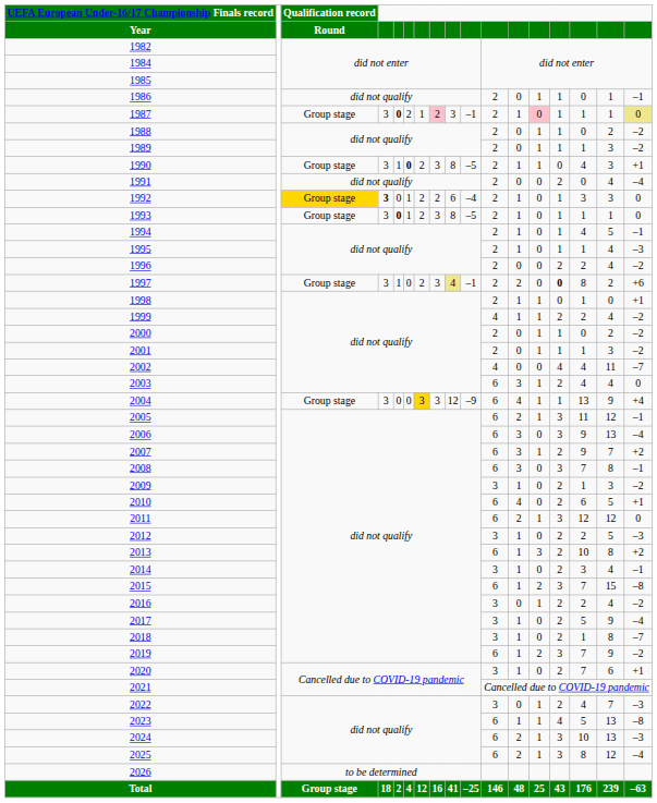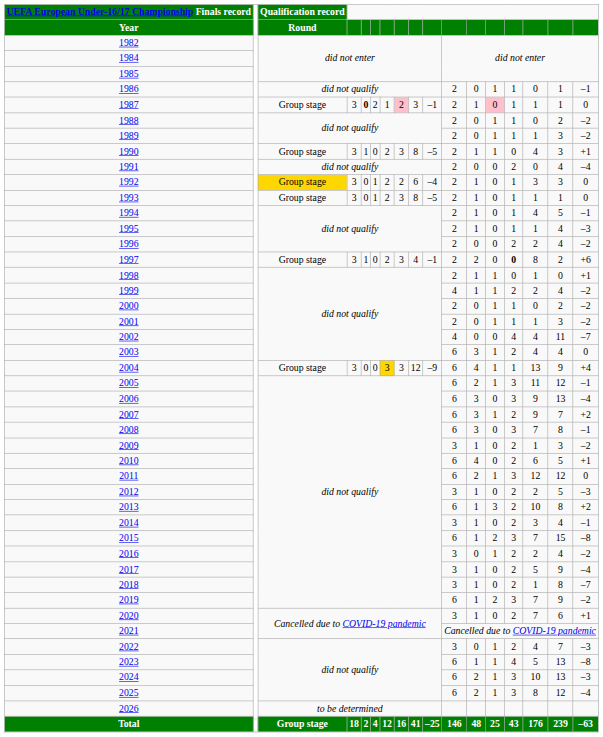 <table class="wikitable" style="text-align: center;">
 <tr>
 <th style="background-color:#008000; color:white; "><a href='#'>UEFA European Under-16/17 Championship</a> Finals record</th>
 <th style="background-color:white" rowspan="47"></th>
 <th style="background-color:#008000; color:white; ">Qualification record</th>
 </tr>
 <tr>
 <th style="background-color:#008000; color:white; ">Year</th>
 <th style="background-color:#008000; color:white; ">Round</th>
 <th style="background-color:#008000; color:white; "></th>
 <th style="background-color:#008000; color:white; "></th>
 <th style="background-color:#008000; color:white; "></th>
 <th style="background-color:#008000; color:white; "></th>
 <th style="background-color:#008000; color:white; "></th>
 <th style="background-color:#008000; color:white; "></th>
 <th style="background-color:#008000; color:white; "></th>
 <th style="background-color:#008000; color:white; "></th>
 <th style="background-color:#008000; color:white; "></th>
 <th style="background-color:#008000; color:white; "></th>
 <th style="background-color:#008000; color:white; "></th>
 <th style="background-color:#008000; color:white; "></th>
 <th style="background-color:#008000; color:white; "></th>
 <th style="background-color:#008000; color:white; "></th>
 </tr>
 <tr>
 <td> <a href='#'>1982</a></td>
 <td rowspan=3 colspan=8><em>did not enter</em></td>
 <td rowspan=3 colspan=7><em>did not enter</em></td>
 </tr>
 <tr>
 <td> <a href='#'>1984</a></td>
 </tr>
 <tr>
 <td> <a href='#'>1985</a></td>
 </tr>
 <tr>
 <td> <a href='#'>1986</a></td>
 <td colspan=8><em>did not qualify</em></td>
 <td>2</td>
 <td>0</td>
 <td>1</td>
 <td>1</td>
 <td>0</td>
 <td>1</td>
 <td>–1</td>
 </tr>
 <tr>
 <td> <a href='#'>1987</a></td>
 <td>Group stage</td>
 <td>3</td>
 <td><strong>0</strong></td>
 <td>2</td>
 <td>1</td>
 <td style="background: pink;">2</td>
 <td>3</td>
 <td>–1</td>
 <td>2</td>
 <td>1</td>
 <td style="background: pink;">0</td>
 <td>1</td>
 <td>1</td>
 <td>1</td>
-<td style="background: khaki;">0</td>
+<td>0</td>
 </tr>
 <tr>
 <td> <a href='#'>1988</a></td>
 <td rowspan=2 colspan=8><em>did not qualify</em></td>
 <td>2</td>
 <td>0</td>
 <td>1</td>
 <td>1</td>
 <td>0</td>
 <td>2</td>
 <td>–2</td>
 </tr>
 <tr>
 <td> <a href='#'>1989</a></td>
 <td>2</td>
 <td>0</td>
 <td>1</td>
 <td>1</td>
 <td>1</td>
 <td>3</td>
 <td>–2</td>
 </tr>
 <tr>
 <td> <a href='#'>1990</a></td>
 <td>Group stage</td>
 <td>3</td>
 <td>1</td>
-<td><strong>0</strong></td>
+<td>0</td>
 <td>2</td>
 <td>3</td>
 <td>8</td>
 <td>–5</td>
 <td>2</td>
 <td>1</td>
 <td>1</td>
 <td>0</td>
 <td>4</td>
 <td>3</td>
 <td>+1</td>
 </tr>
 <tr>
 <td> <a href='#'>1991</a></td>
 <td colspan=8><em>did not qualify</em></td>
 <td>2</td>
 <td>0</td>
 <td>0</td>
 <td>2</td>
 <td>0</td>
 <td>4</td>
 <td>–4</td>
 </tr>
 <tr>
 <td> <a href='#'>1992</a></td>
 <td style="background: gold;">Group stage</td>
-<td><strong>3</strong></td>
+<td>3</td>
 <td>0</td>
 <td>1</td>
 <td>2</td>
 <td>2</td>
 <td>6</td>
 <td>–4</td>
 <td>2</td>
 <td>1</td>
 <td>0</td>
 <td>1</td>
 <td>3</td>
 <td>3</td>
 <td>0</td>
 </tr>
 <tr>
 <td> <a href='#'>1993</a></td>
 <td>Group stage</td>
 <td>3</td>
-<td><strong>0</strong></td>
+<td>0</td>
 <td>1</td>
 <td>2</td>
 <td>3</td>
 <td>8</td>
 <td>–5</td>
 <td>2</td>
 <td>1</td>
 <td>0</td>
 <td>1</td>
 <td>1</td>
 <td>1</td>
 <td>0</td>
 </tr>
 <tr>
 <td> <a href='#'>1994</a></td>
 <td rowspan=3 colspan=8><em>did not qualify</em></td>
 <td>2</td>
 <td>1</td>
 <td>0</td>
 <td>1</td>
 <td>4</td>
 <td>5</td>
 <td>–1</td>
 </tr>
 <tr>
 <td> <a href='#'>1995</a></td>
 <td>2</td>
 <td>1</td>
 <td>0</td>
 <td>1</td>
 <td>1</td>
 <td>4</td>
 <td>–3</td>
 </tr>
 <tr>
 <td> <a href='#'>1996</a></td>
 <td>2</td>
 <td>0</td>
 <td>0</td>
 <td>2</td>
 <td>2</td>
 <td>4</td>
 <td>–2</td>
 </tr>
 <tr>
 <td> <a href='#'>1997</a></td>
 <td>Group stage</td>
 <td>3</td>
 <td>1</td>
 <td>0</td>
 <td>2</td>
 <td>3</td>
-<td style="background: khaki;">4</td>
+<td>4</td>
 <td>–1</td>
 <td>2</td>
 <td>2</td>
 <td>0</td>
 <td><strong>0</strong></td>
 <td>8</td>
 <td>2</td>
 <td>+6</td>
 </tr>
 <tr>
 <td> <a href='#'>1998</a></td>
 <td rowspan=6 colspan=8><em>did not qualify</em></td>
 <td>2</td>
 <td>1</td>
 <td>1</td>
 <td>0</td>
 <td>1</td>
 <td>0</td>
 <td>+1</td>
 </tr>
 <tr>
 <td> <a href='#'>1999</a></td>
 <td>4</td>
 <td>1</td>
 <td>1</td>
 <td>2</td>
 <td>2</td>
 <td>4</td>
 <td>–2</td>
 </tr>
 <tr>
 <td> <a href='#'>2000</a></td>
 <td>2</td>
 <td>0</td>
 <td>1</td>
 <td>1</td>
 <td>0</td>
 <td>2</td>
 <td>–2</td>
 </tr>
 <tr>
 <td> <a href='#'>2001</a></td>
 <td>2</td>
 <td>0</td>
 <td>1</td>
 <td>1</td>
 <td>1</td>
 <td>3</td>
 <td>–2</td>
 </tr>
 <tr>
 <td> <a href='#'>2002</a></td>
 <td>4</td>
 <td>0</td>
 <td>0</td>
 <td>4</td>
 <td>4</td>
 <td>11</td>
 <td>–7</td>
 </tr>
 <tr>
 <td> <a href='#'>2003</a></td>
 <td>6</td>
 <td>3</td>
 <td>1</td>
 <td>2</td>
 <td>4</td>
 <td>4</td>
 <td>0</td>
 </tr>
 <tr>
 <td> <a href='#'>2004</a></td>
 <td>Group stage</td>
 <td>3</td>
 <td>0</td>
 <td>0</td>
 <td style="background: gold;">3</td>
 <td>3</td>
 <td>12</td>
 <td>–9</td>
 <td>6</td>
 <td>4</td>
 <td>1</td>
 <td>1</td>
 <td>13</td>
 <td>9</td>
 <td>+4</td>
 </tr>
 <tr>
 <td> <a href='#'>2005</a></td>
 <td rowspan=15 colspan=8><em>did not qualify</em></td>
 <td>6</td>
 <td>2</td>
 <td>1</td>
 <td>3</td>
 <td>11</td>
 <td>12</td>
 <td>–1</td>
 </tr>
 <tr>
 <td> <a href='#'>2006</a></td>
 <td>6</td>
 <td>3</td>
 <td>0</td>
 <td>3</td>
 <td>9</td>
 <td>13</td>
 <td>–4</td>
 </tr>
 <tr>
 <td> <a href='#'>2007</a></td>
 <td>6</td>
 <td>3</td>
 <td>1</td>
 <td>2</td>
 <td>9</td>
 <td>7</td>
 <td>+2</td>
 </tr>
 <tr>
 <td> <a href='#'>2008</a></td>
 <td>6</td>
 <td>3</td>
 <td>0</td>
 <td>3</td>
 <td>7</td>
 <td>8</td>
 <td>–1</td>
 </tr>
 <tr>
 <td> <a href='#'>2009</a></td>
 <td>3</td>
 <td>1</td>
 <td>0</td>
 <td>2</td>
 <td>1</td>
 <td>3</td>
 <td>–2</td>
 </tr>
 <tr>
 <td> <a href='#'>2010</a></td>
 <td>6</td>
 <td>4</td>
 <td>0</td>
 <td>2</td>
 <td>6</td>
 <td>5</td>
 <td>+1</td>
 </tr>
 <tr>
 <td> <a href='#'>2011</a></td>
 <td>6</td>
 <td>2</td>
 <td>1</td>
 <td>3</td>
 <td>12</td>
 <td>12</td>
 <td>0</td>
 </tr>
 <tr>
 <td> <a href='#'>2012</a></td>
 <td>3</td>
 <td>1</td>
 <td>0</td>
 <td>2</td>
 <td>2</td>
 <td>5</td>
 <td>–3</td>
 </tr>
 <tr>
 <td> <a href='#'>2013</a></td>
 <td>6</td>
 <td>1</td>
 <td>3</td>
 <td>2</td>
 <td>10</td>
 <td>8</td>
 <td>+2</td>
 </tr>
 <tr>
 <td> <a href='#'>2014</a></td>
 <td>3</td>
 <td>1</td>
 <td>0</td>
 <td>2</td>
 <td>3</td>
 <td>4</td>
 <td>–1</td>
 </tr>
 <tr>
 <td> <a href='#'>2015</a></td>
 <td>6</td>
 <td>1</td>
 <td>2</td>
 <td>3</td>
 <td>7</td>
 <td>15</td>
 <td>–8</td>
 </tr>
 <tr>
 <td> <a href='#'>2016</a></td>
 <td>3</td>
 <td>0</td>
 <td>1</td>
 <td>2</td>
 <td>2</td>
 <td>4</td>
 <td>–2</td>
 </tr>
 <tr>
 <td> <a href='#'>2017</a></td>
 <td>3</td>
 <td>1</td>
 <td>0</td>
 <td>2</td>
 <td>5</td>
 <td>9</td>
 <td>–4</td>
 </tr>
 <tr>
 <td> <a href='#'>2018</a></td>
 <td>3</td>
 <td>1</td>
 <td>0</td>
 <td>2</td>
 <td>1</td>
 <td>8</td>
 <td>–7</td>
 </tr>
 <tr>
 <td> <a href='#'>2019</a></td>
 <td>6</td>
 <td>1</td>
 <td>2</td>
 <td>3</td>
 <td>7</td>
 <td>9</td>
 <td>–2</td>
 </tr>
 <tr>
 <td> <a href='#'>2020</a></td>
 <td rowspan=2 colspan=8><em>Cancelled due to <a href='#'>COVID-19 pandemic</a></em></td>
 <td>3</td>
 <td>1</td>
 <td>0</td>
 <td>2</td>
 <td>7</td>
 <td>6</td>
 <td>+1</td>
 </tr>
 <tr>
 <td> <a href='#'>2021</a></td>
 <td rowspan=1 colspan=8><em>Cancelled due to <a href='#'>COVID-19 pandemic</a></em></td>
 </tr>
 <tr>
 <td> <a href='#'>2022</a></td>
 <td rowspan=4 colspan=8><em>did not qualify</em></td>
 <td>3</td>
 <td>0</td>
 <td>1</td>
 <td>2</td>
 <td>4</td>
 <td>7</td>
 <td>–3</td>
 </tr>
 <tr>
 <td> <a href='#'>2023</a></td>
 <td>6</td>
 <td>1</td>
 <td>1</td>
 <td>4</td>
 <td>5</td>
 <td>13</td>
 <td>–8</td>
 </tr>
 <tr>
 <td> <a href='#'>2024</a></td>
 <td>6</td>
 <td>2</td>
 <td>1</td>
 <td>3</td>
 <td>10</td>
 <td>13</td>
 <td>–3</td>
 </tr>
 <tr>
 <td> <a href='#'>2025</a></td>
 <td>6</td>
 <td>2</td>
 <td>1</td>
 <td>3</td>
 <td>8</td>
 <td>12</td>
 <td>–4</td>
 </tr>
 <tr>
 <td> <a href='#'>2026</a></td>
 <td rowspan=1 colspan=8><em>to be determined</em></td>
 <td></td>
 <td></td>
 <td></td>
 <td></td>
 <td></td>
 <td></td>
 <td></td>
 </tr>
 <tr>
 <th style="background-color:#008000; color:white; "><strong>Total</strong></th>
 <th style="background-color:#008000; color:white; "><strong>Group stage</strong></th>
 <th style="background-color:#008000; color:white; "><strong>18</strong></th>
 <th style="background-color:#008000; color:white; "><strong>2</strong></th>
 <th style="background-color:#008000; color:white; "><strong>4</strong></th>
 <th style="background-color:#008000; color:white; "><strong>12</strong></th>
 <th style="background-color:#008000; color:white; "><strong>16</strong></th>
 <th style="background-color:#008000; color:white; "><strong>41</strong></th>
 <th style="background-color:#008000; color:white; "><strong>–25</strong></th>
 <th style="background-color:#008000; color:white; "><strong>146</strong></th>
 <th style="background-color:#008000; color:white; "><strong>48</strong></th>
 <th style="background-color:#008000; color:white; "><strong>25</strong></th>
 <th style="background-color:#008000; color:white; "><strong>43</strong></th>
 <th style="background-color:#008000; color:white; "><strong>176</strong></th>
 <th style="background-color:#008000; color:white; "><strong>239</strong></th>
 <th style="background-color:#008000; color:white; "><strong>–63</strong></th>
 </tr>
 </table>
